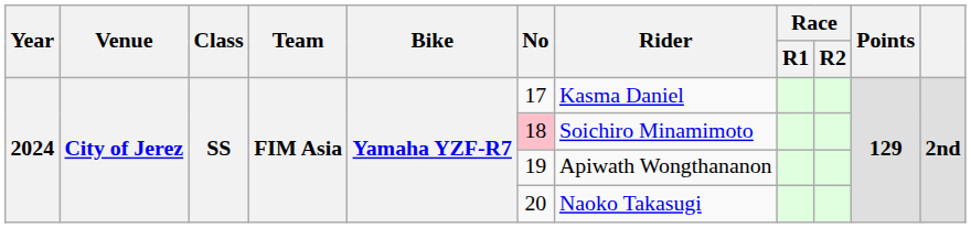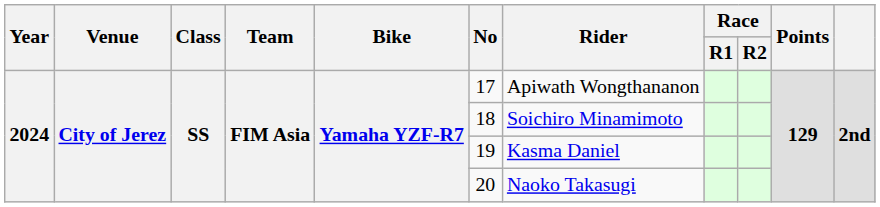 <table class="wikitable" style="text-align:center; font-size:85%">
 <tr>
 <th valign="middle" rowspan=2>Year</th>
 <th valign="middle" rowspan=2>Venue</th>
 <th valign="middle" rowspan=2>Class</th>
 <th valign="middle" rowspan=2>Team</th>
 <th valign="middle" rowspan=2>Bike</th>
 <th valign="middle" rowspan=2>No</th>
 <th valign="middle" rowspan=2>Rider</th>
 <th colspan=2>Race</th>
 <th valign="middle" rowspan=2>Points</th>
 <th valign="middle" rowspan=2></th>
 </tr>
 <tr>
 <th>R1</th>
 <th>R2</th>
 </tr>
 <tr>
 <th rowspan=4>2024</th>
 <th rowspan=4><a href='#'>City of Jerez</a></th>
 <th rowspan=4>SS</th>
 <th rowspan=4>FIM Asia</th>
 <th rowspan=4><a href='#'>Yamaha YZF-R7</a></th>
 <td>17</td>
-<td align=left> <a href='#'>Kasma Daniel</a></td>
+<td align=left> Apiwath Wongthananon</td>
 <td style="background:#dfffdf;"></td>
 <td style="background:#dfffdf;"></td>
 <th rowspan=4 style="background:#dfdfdf;"><strong>129</strong></th>
 <th rowspan=4 style="background:#dfdfdf;"><strong>2nd</strong></th>
 </tr>
 <tr>
-<td style="background: pink;">18</td>
+<td>18</td>
 <td align=left> <a href='#'>Soichiro Minamimoto</a></td>
 <td style="background:#DFFFDF;"></td>
 <td style="background:#dfffdf;"></td>
 </tr>
 <tr>
 <td>19</td>
-<td align=left> Apiwath Wongthananon</td>
+<td align=left> <a href='#'>Kasma Daniel</a></td>
 <td style="background:#DFFFDF;"></td>
 <td style="background:#dfffdf;"></td>
 </tr>
 <tr>
 <td>20</td>
 <td align=left> <a href='#'>Naoko Takasugi</a></td>
 <td style="background:#dfffdf;"></td>
 <td style="background:#dfffdf;"></td>
 </tr>
 </table>
